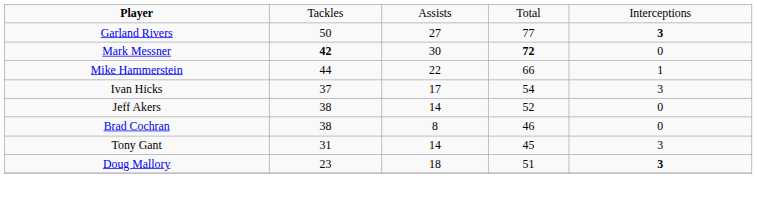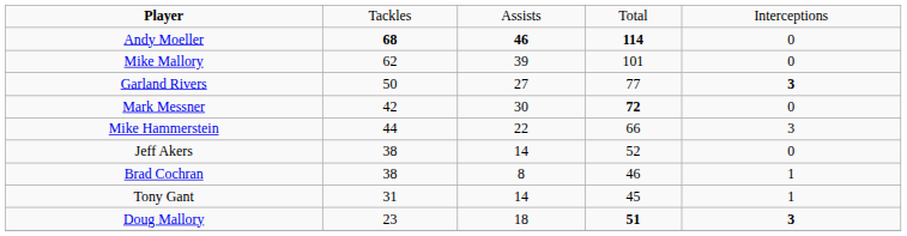 <table class="wikitable" width="80%">
 <tr align="center">
 <td><strong>Player</strong></td>
 <td>Tackles</td>
 <td>Assists</td>
 <td>Total</td>
 <td>Interceptions</td>
+</tr>
+<tr align="center" bgcolor="">
+<td><a href='#'>Andy Moeller</a></td>
+<td><strong>68</strong></td>
+<td><strong>46</strong></td>
+<td><strong>114</strong></td>
+<td>0</td>
+</tr>
+<tr align="center" bgcolor="">
+<td><a href='#'>Mike Mallory</a></td>
+<td>62</td>
+<td>39</td>
+<td>101</td>
+<td>0</td>
 </tr>
 <tr align="center" bgcolor="">
 <td><a href='#'>Garland Rivers</a></td>
 <td>50</td>
 <td>27</td>
 <td>77</td>
 <td><strong>3</strong></td>
 </tr>
 <tr align="center" bgcolor="">
 <td><a href='#'>Mark Messner</a></td>
-<td><strong>42</strong></td>
+<td>42</td>
 <td>30</td>
 <td><strong>72</strong></td>
 <td>0</td>
 </tr>
 <tr align="center" bgcolor="">
 <td><a href='#'>Mike Hammerstein</a></td>
 <td>44</td>
 <td>22</td>
 <td>66</td>
-<td>1</td>
-</tr>
-<tr align="center" bgcolor="">
-<td>Ivan Hicks</td>
-<td>37</td>
-<td>17</td>
-<td>54</td>
 <td>3</td>
 </tr>
 <tr align="center" bgcolor="">
 <td>Jeff Akers</td>
 <td>38</td>
 <td>14</td>
 <td>52</td>
 <td>0</td>
 </tr>
 <tr align="center" bgcolor="">
 <td><a href='#'>Brad Cochran</a></td>
 <td>38</td>
 <td>8</td>
 <td>46</td>
-<td>0</td>
+<td>1</td>
 </tr>
 <tr align="center" bgcolor="">
 <td>Tony Gant</td>
 <td>31</td>
 <td>14</td>
 <td>45</td>
-<td>3</td>
+<td>1</td>
 </tr>
 <tr align="center" bgcolor="">
 <td><a href='#'>Doug Mallory</a></td>
 <td>23</td>
 <td>18</td>
-<td>51</td>
+<td><strong>51</strong></td>
 <td><strong>3</strong></td>
 </tr>
 <tr align="center" bgcolor="">
 </tr>
 </table>
